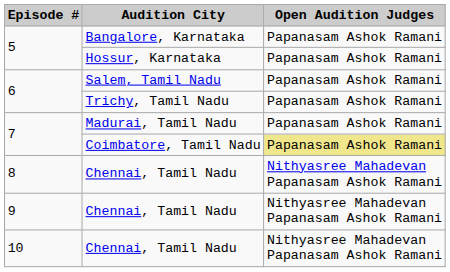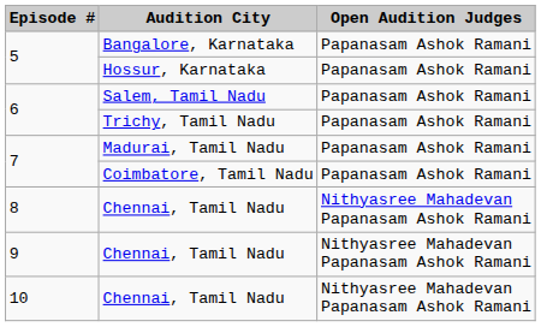 <table class="wikitable">
 <tr>
 <td bgcolor="#CCCCCC" align="center"><strong>Episode #</strong></td>
 <td bgcolor="#CCCCCC" align="center"><strong>Audition City</strong></td>
 <td bgcolor="#CCCCCC" align="center"><strong>Open Audition Judges</strong></td>
 </tr>
 <tr>
 <td rowspan=2>5</td>
 <td><a href='#'>Bangalore</a>, Karnataka</td>
 <td>Papanasam Ashok Ramani</td>
 </tr>
 <tr>
 <td><a href='#'>Hossur</a>, Karnataka</td>
 <td>Papanasam Ashok Ramani</td>
 </tr>
 <tr>
 <td rowspan=2>6</td>
 <td><a href='#'>Salem, Tamil Nadu</a></td>
 <td>Papanasam Ashok Ramani</td>
 </tr>
 <tr>
 <td><a href='#'>Trichy</a>, Tamil Nadu</td>
 <td>Papanasam Ashok Ramani</td>
 </tr>
 <tr>
 <td rowspan=2>7</td>
 <td><a href='#'>Madurai</a>, Tamil Nadu</td>
 <td>Papanasam Ashok Ramani</td>
 </tr>
 <tr>
 <td><a href='#'>Coimbatore</a>, Tamil Nadu</td>
-<td style="background: khaki;">Papanasam Ashok Ramani</td>
+<td>Papanasam Ashok Ramani</td>
 </tr>
 <tr>
 <td>8</td>
 <td><a href='#'>Chennai</a>, Tamil Nadu</td>
 <td><a href='#'>Nithyasree Mahadevan</a><br>Papanasam Ashok Ramani</td>
 </tr>
 <tr>
 <td>9</td>
 <td><a href='#'>Chennai</a>, Tamil Nadu</td>
 <td>Nithyasree Mahadevan<br>Papanasam Ashok Ramani</td>
 </tr>
 <tr>
 <td>10</td>
 <td><a href='#'>Chennai</a>, Tamil Nadu</td>
 <td>Nithyasree Mahadevan<br>Papanasam Ashok Ramani</td>
 </tr>
 </table>
